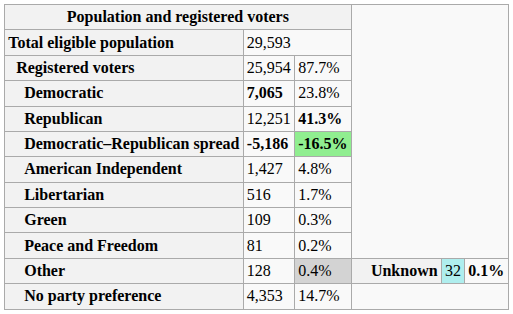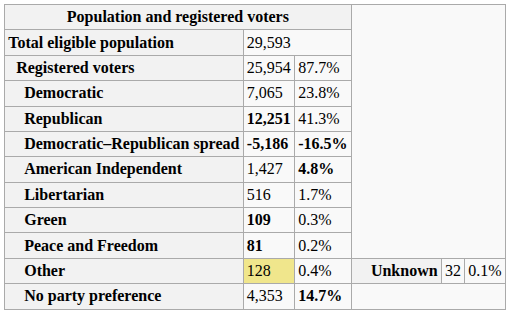 <table class="wikitable collapsible collapsed">
 <tr>
 <th colspan="3">Population and registered voters</th>
 </tr>
 <tr>
 <th scope="row" style="text-align: left;">Total eligible population</th>
 <td colspan="2">29,593</td>
 </tr>
 <tr>
 <th scope="row" style="text-align: left;">  Registered voters</th>
 <td>25,954</td>
 <td>87.7%</td>
 </tr>
 <tr>
 <th scope="row" style="text-align: left;">    Democratic</th>
-<td><strong>7,065</strong></td>
+<td>7,065</td>
 <td>23.8%</td>
 </tr>
 <tr>
 <th scope="row" style="text-align: left;">    Republican</th>
-<td>12,251</td>
-<td><strong>41.3%</strong></td>
+<td><strong>12,251</strong></td>
+<td>41.3%</td>
 </tr>
 <tr>
 <th scope="row" style="text-align: left;">    Democratic–Republican spread</th>
 <td><span><strong>-5,186</strong></span></td>
-<td style="background: lightgreen;"><span><strong>-16.5%</strong></span></td>
+<td><span><strong>-16.5%</strong></span></td>
 </tr>
 <tr>
 <th scope="row" style="text-align: left;">    American Independent</th>
 <td>1,427</td>
-<td>4.8%</td>
+<td><strong>4.8%</strong></td>
 </tr>
 <tr>
 <th scope="row" style="text-align: left;">    Libertarian</th>
 <td>516</td>
 <td>1.7%</td>
 </tr>
 <tr>
 <th scope="row" style="text-align: left;">    Green</th>
-<td>109</td>
+<td><strong>109</strong></td>
 <td>0.3%</td>
 </tr>
 <tr>
 <th scope="row" style="text-align: left;">    Peace and Freedom</th>
-<td>81</td>
+<td><strong>81</strong></td>
 <td>0.2%</td>
 </tr>
 <tr>
 <th scope="row" style="text-align: left;">    Other</th>
-<td>128</td>
-<td style="background: lightgrey;">0.4%</td>
+<td style="background: khaki;">128</td>
+<td>0.4%</td>
 <th scope="row" style="text-align: left;">    Unknown</th>
-<td style="background: paleturquoise;">32</td>
-<td><strong>0.1%</strong></td>
+<td>32</td>
+<td>0.1%</td>
 </tr>
 <tr>
 <th scope="row" style="text-align: left;">    No party preference</th>
 <td>4,353</td>
-<td>14.7%</td>
+<td><strong>14.7%</strong></td>
 </tr>
 </table>
